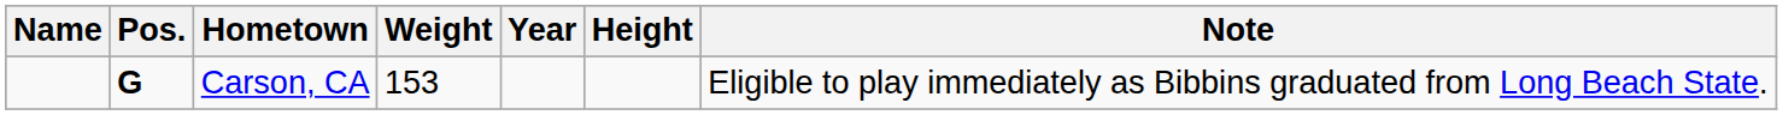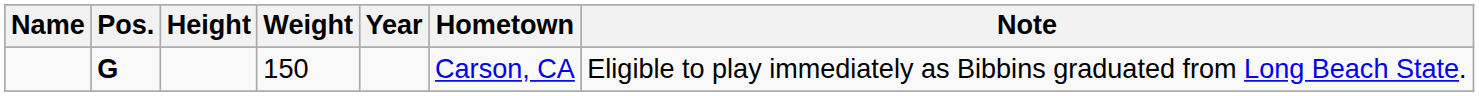 <table class="wikitable sortable" style="font-size:100%;" border="1">
 <tr>
 <th>Name</th>
 <th>Pos.</th>
-<th>Hometown</th>
+<th>Height</th>
 <th>Weight</th>
 <th>Year</th>
-<th>Height</th>
+<th>Hometown</th>
 <th ! class="unsortable">Note</th>
 </tr>
 <tr>
 <td></td>
 <td><strong>G</strong></td>
+<td></td>
+<td>150</td>
+<td></td>
 <td><a href='#'>Carson, CA</a></td>
-<td>153</td>
-<td></td>
-<td></td>
 <td>Eligible to play immediately as Bibbins graduated from <a href='#'>Long Beach State</a>.</td>
 </tr>
 </table>
